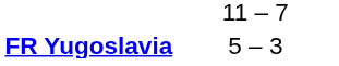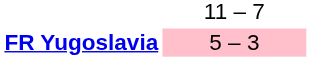 <table style="text-align:center">
 <tr>
 <th width=200></th>
 <th width=100></th>
 <th width=200></th>
 </tr>
 <tr>
 <td align=right><strong></strong></td>
 <td>11 – 7</td>
 <td align=left><strong></strong></td>
 </tr>
 <tr>
 <td align=right><strong><a href='#'>FR Yugoslavia</a> </strong></td>
-<td>5 – 3</td>
+<td style="background: pink;">5 – 3</td>
 <td align=left></td>
 </tr>
 </table>
